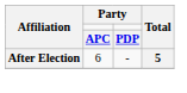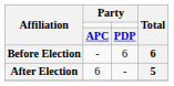 <table class="wikitable" style="text-align:center">
 <tr>
 <th rowspan="3">Affiliation</th>
 <th colspan="2">Party</th>
 <th rowspan="3">Total</th>
 </tr>
 <tr>
 <td style="background-color:"></td>
 <td style="background-color:"></td>
 </tr>
 <tr>
 <th><a href='#'>APC</a></th>
 <th><a href='#'>PDP</a></th>
 </tr>
 <tr>
+<th>Before Election</th>
+<td>-</td>
+<td>6</td>
+<th>6</th>
+</tr>
+<tr>
 <th>After Election</th>
 <td>6</td>
 <td>-</td>
 <th>5</th>
 </tr>
 <tr>
 </tr>
 </table>
